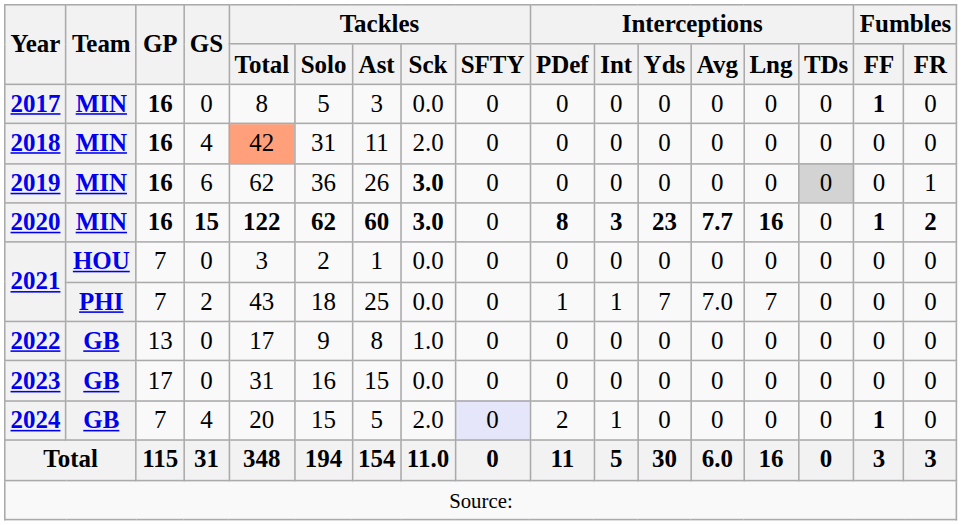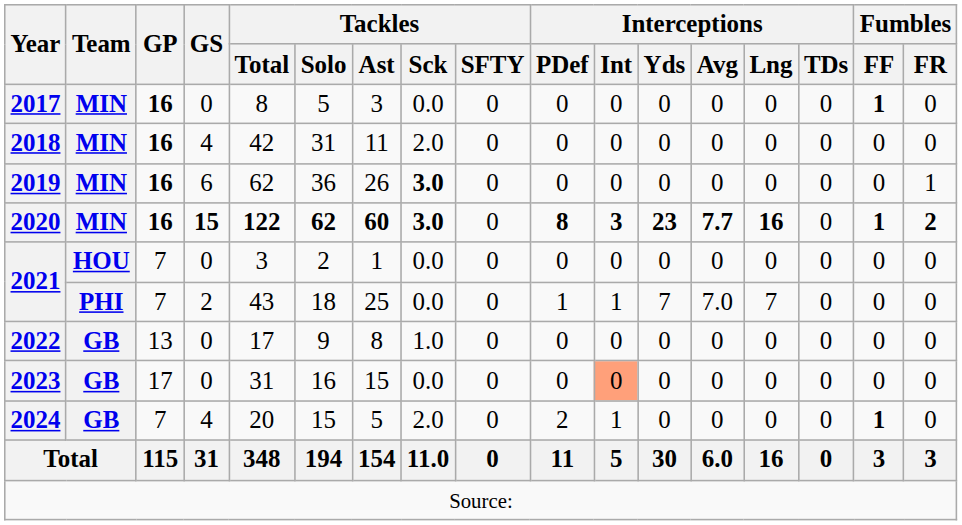 <table class="wikitable" style="text-align: center;">
 <tr>
 <th rowspan=2>Year</th>
 <th rowspan=2>Team</th>
 <th rowspan=2>GP</th>
 <th rowspan=2>GS</th>
 <th colspan=5>Tackles</th>
 <th colspan=6>Interceptions</th>
 <th colspan=2>Fumbles</th>
 </tr>
 <tr>
 <th>Total</th>
 <th>Solo</th>
 <th>Ast</th>
 <th>Sck</th>
 <th>SFTY</th>
 <th>PDef</th>
 <th>Int</th>
 <th>Yds</th>
 <th>Avg</th>
 <th>Lng</th>
 <th>TDs</th>
 <th>FF</th>
 <th>FR</th>
 </tr>
 <tr>
 <th><a href='#'>2017</a></th>
 <th><a href='#'>MIN</a></th>
 <td><strong>16</strong></td>
 <td>0</td>
 <td>8</td>
 <td>5</td>
 <td>3</td>
 <td>0.0</td>
 <td>0</td>
 <td>0</td>
 <td>0</td>
 <td>0</td>
 <td>0</td>
 <td>0</td>
 <td>0</td>
 <td><strong>1</strong></td>
 <td>0</td>
 </tr>
 <tr>
 <th><a href='#'>2018</a></th>
 <th><a href='#'>MIN</a></th>
 <td><strong>16</strong></td>
 <td>4</td>
-<td style="background: lightsalmon;">42</td>
+<td>42</td>
 <td>31</td>
 <td>11</td>
 <td>2.0</td>
 <td>0</td>
 <td>0</td>
 <td>0</td>
 <td>0</td>
 <td>0</td>
 <td>0</td>
 <td>0</td>
 <td>0</td>
 <td>0</td>
 </tr>
 <tr>
 <th><a href='#'>2019</a></th>
 <th><a href='#'>MIN</a></th>
 <td><strong>16</strong></td>
 <td>6</td>
 <td>62</td>
 <td>36</td>
 <td>26</td>
 <td><strong>3.0</strong></td>
 <td>0</td>
 <td>0</td>
 <td>0</td>
 <td>0</td>
 <td>0</td>
 <td>0</td>
-<td style="background: lightgrey;">0</td>
+<td>0</td>
 <td>0</td>
 <td>1</td>
 </tr>
 <tr>
 <th><a href='#'>2020</a></th>
 <th><a href='#'>MIN</a></th>
 <td><strong>16</strong></td>
 <td><strong>15</strong></td>
 <td><strong>122</strong></td>
 <td><strong>62</strong></td>
 <td><strong>60</strong></td>
 <td><strong>3.0</strong></td>
 <td>0</td>
 <td><strong>8</strong></td>
 <td><strong>3</strong></td>
 <td><strong>23</strong></td>
 <td><strong>7.7</strong></td>
 <td><strong>16</strong></td>
 <td>0</td>
 <td><strong>1</strong></td>
 <td><strong>2</strong></td>
 </tr>
 <tr>
 <th rowspan=2><a href='#'>2021</a></th>
 <th><a href='#'>HOU</a></th>
 <td>7</td>
 <td>0</td>
 <td>3</td>
 <td>2</td>
 <td>1</td>
 <td>0.0</td>
 <td>0</td>
 <td>0</td>
 <td>0</td>
 <td>0</td>
 <td>0</td>
 <td>0</td>
 <td>0</td>
 <td>0</td>
 <td>0</td>
 </tr>
 <tr>
 <th><a href='#'>PHI</a></th>
 <td>7</td>
 <td>2</td>
 <td>43</td>
 <td>18</td>
 <td>25</td>
 <td>0.0</td>
 <td>0</td>
 <td>1</td>
 <td>1</td>
 <td>7</td>
 <td>7.0</td>
 <td>7</td>
 <td>0</td>
 <td>0</td>
 <td>0</td>
 </tr>
 <tr>
 <th><a href='#'>2022</a></th>
 <th><a href='#'>GB</a></th>
 <td>13</td>
 <td>0</td>
 <td>17</td>
 <td>9</td>
 <td>8</td>
 <td>1.0</td>
 <td>0</td>
 <td>0</td>
 <td>0</td>
 <td>0</td>
 <td>0</td>
 <td>0</td>
 <td>0</td>
 <td>0</td>
 <td>0</td>
 </tr>
 <tr>
 <th><a href='#'>2023</a></th>
 <th><a href='#'>GB</a></th>
 <td>17</td>
 <td>0</td>
 <td>31</td>
 <td>16</td>
 <td>15</td>
 <td>0.0</td>
 <td>0</td>
 <td>0</td>
-<td>0</td>
+<td style="background: lightsalmon;">0</td>
 <td>0</td>
 <td>0</td>
 <td>0</td>
 <td>0</td>
 <td>0</td>
 <td>0</td>
 </tr>
 <tr>
 <th><a href='#'>2024</a></th>
 <th><a href='#'>GB</a></th>
 <td>7</td>
 <td>4</td>
 <td>20</td>
 <td>15</td>
 <td>5</td>
 <td>2.0</td>
-<td style="background: lavender;">0</td>
+<td>0</td>
 <td>2</td>
 <td>1</td>
 <td>0</td>
 <td>0</td>
 <td>0</td>
 <td>0</td>
 <td><strong>1</strong></td>
 <td>0</td>
 </tr>
 <tr>
 <th colspan="2">Total</th>
 <th>115</th>
 <th>31</th>
 <th>348</th>
 <th>194</th>
 <th>154</th>
 <th>11.0</th>
 <th>0</th>
 <th>11</th>
 <th>5</th>
 <th>30</th>
 <th>6.0</th>
 <th>16</th>
 <th>0</th>
 <th>3</th>
 <th>3</th>
 </tr>
 <tr>
 <td colspan="17"><small>Source: </small></td>
 </tr>
 </table>
